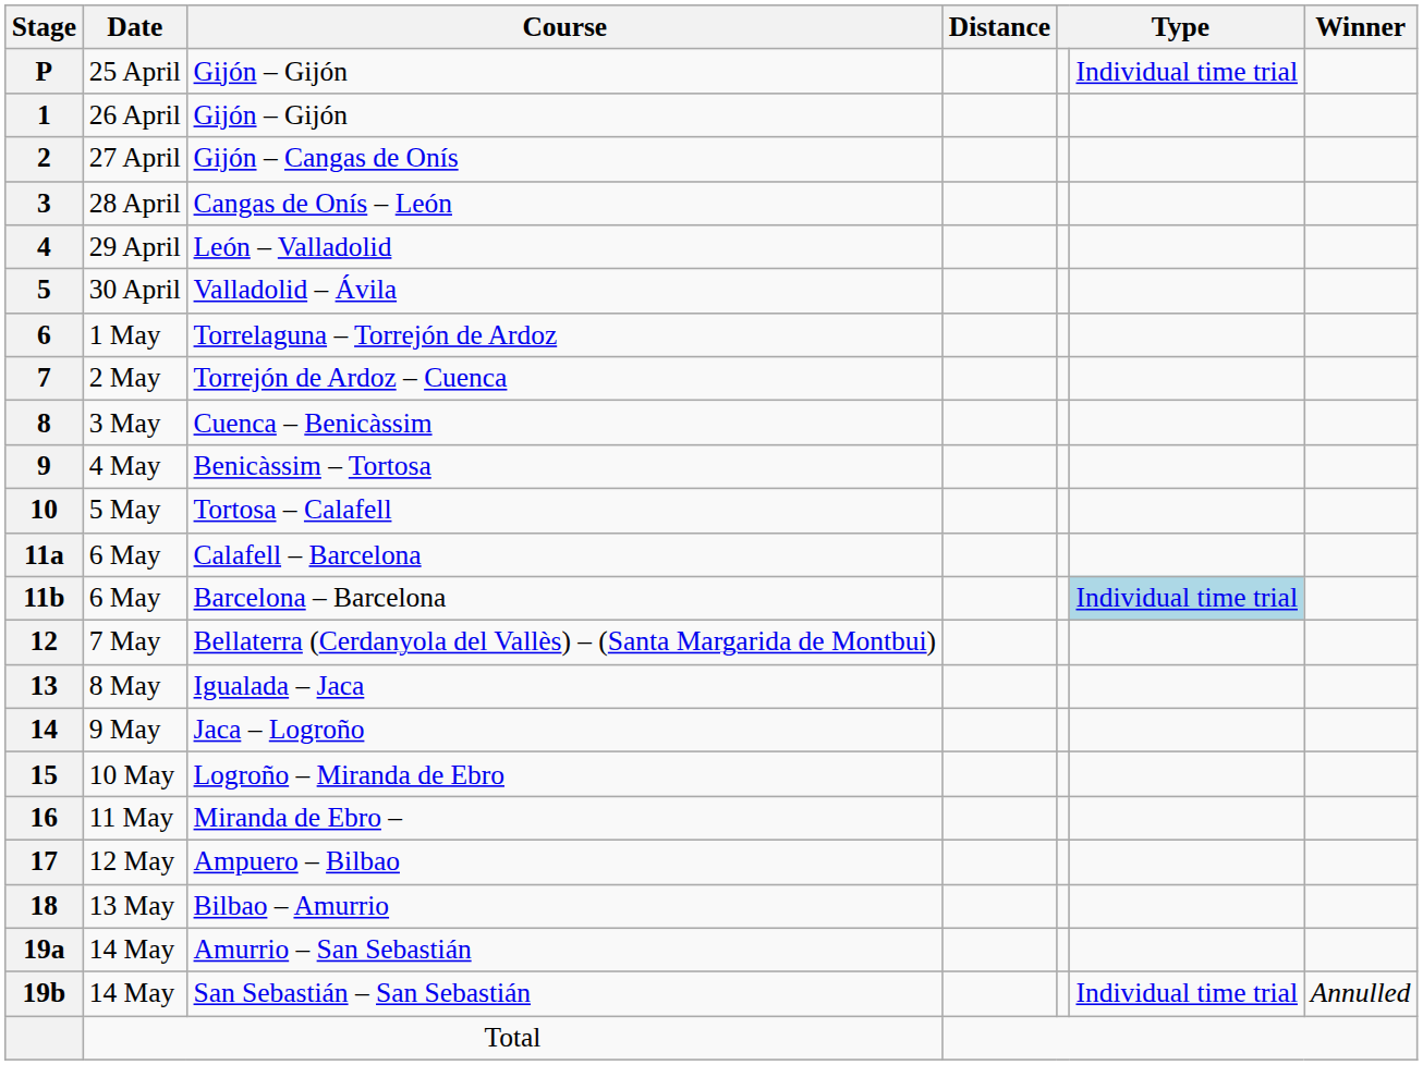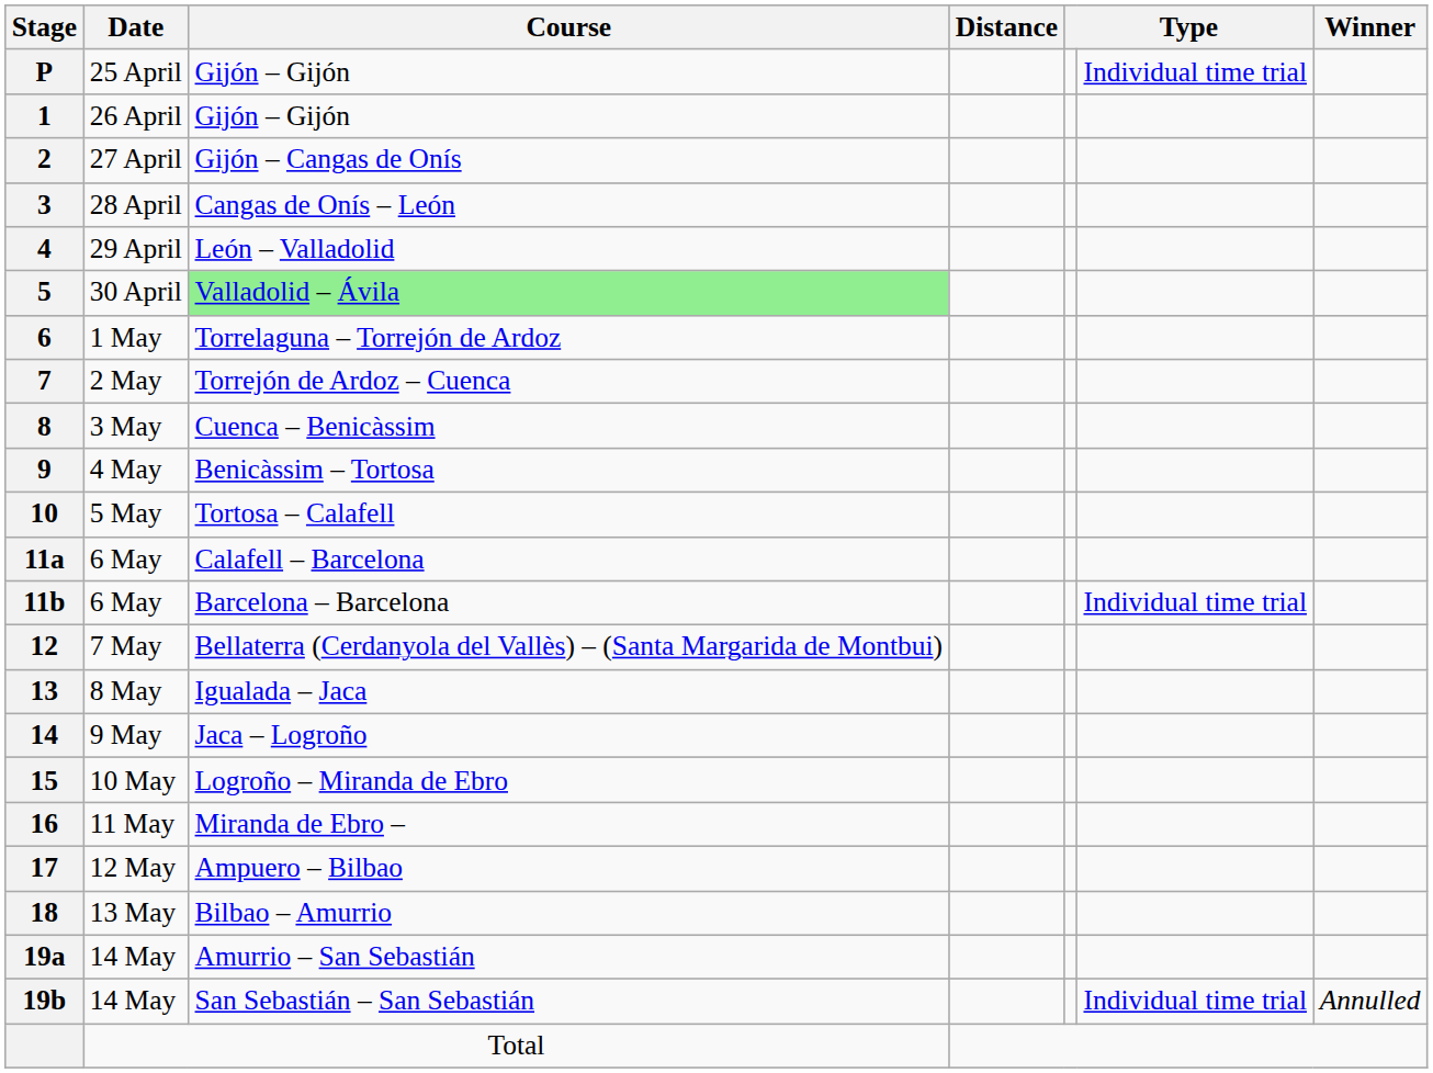 <table class="wikitable">
 <tr>
 <th scope="col">Stage</th>
 <th scope="col">Date</th>
 <th scope="col">Course</th>
 <th scope="col">Distance</th>
 <th scope="col" colspan="2">Type</th>
 <th scope="col">Winner</th>
 </tr>
 <tr>
 <th scope="row">P</th>
 <td>25 April</td>
 <td><a href='#'>Gijón</a> – Gijón</td>
 <td style="text-align:center;"></td>
 <td></td>
 <td><a href='#'>Individual time trial</a></td>
 <td></td>
 </tr>
 <tr>
 <th scope="row">1</th>
 <td>26 April</td>
 <td><a href='#'>Gijón</a> – Gijón</td>
 <td style="text-align:center;"></td>
 <td></td>
 <td></td>
 <td></td>
 </tr>
 <tr>
 <th scope="row">2</th>
 <td>27 April</td>
 <td><a href='#'>Gijón</a> – <a href='#'>Cangas de Onís</a></td>
 <td style="text-align:center;"></td>
 <td></td>
 <td></td>
 <td></td>
 </tr>
 <tr>
 <th scope="row">3</th>
 <td>28 April</td>
 <td><a href='#'>Cangas de Onís</a> – <a href='#'>León</a></td>
 <td style="text-align:center;"></td>
 <td></td>
 <td></td>
 <td></td>
 </tr>
 <tr>
 <th scope="row">4</th>
 <td>29 April</td>
 <td><a href='#'>León</a> – <a href='#'>Valladolid</a></td>
 <td style="text-align:center;"></td>
 <td></td>
 <td></td>
 <td></td>
 </tr>
 <tr>
 <th scope="row">5</th>
 <td>30 April</td>
-<td><a href='#'>Valladolid</a> – <a href='#'>Ávila</a></td>
+<td style="background: lightgreen;"><a href='#'>Valladolid</a> – <a href='#'>Ávila</a></td>
 <td style="text-align:center;"></td>
 <td></td>
 <td></td>
 <td></td>
 </tr>
 <tr>
 <th scope="row">6</th>
 <td>1 May</td>
 <td><a href='#'>Torrelaguna</a> – <a href='#'>Torrejón de Ardoz</a></td>
 <td style="text-align:center;"></td>
 <td></td>
 <td></td>
 <td></td>
 </tr>
 <tr>
 <th scope="row">7</th>
 <td>2 May</td>
 <td><a href='#'>Torrejón de Ardoz</a> – <a href='#'>Cuenca</a></td>
 <td style="text-align:center;"></td>
 <td></td>
 <td></td>
 <td></td>
 </tr>
 <tr>
 <th scope="row">8</th>
 <td>3 May</td>
 <td><a href='#'>Cuenca</a> – <a href='#'>Benicàssim</a></td>
 <td style="text-align:center;"></td>
 <td></td>
 <td></td>
 <td></td>
 </tr>
 <tr>
 <th scope="row">9</th>
 <td>4 May</td>
 <td><a href='#'>Benicàssim</a> – <a href='#'>Tortosa</a></td>
 <td style="text-align:center;"></td>
 <td></td>
 <td></td>
 <td></td>
 </tr>
 <tr>
 <th scope="row">10</th>
 <td>5 May</td>
 <td><a href='#'>Tortosa</a> – <a href='#'>Calafell</a></td>
 <td style="text-align:center;"></td>
 <td></td>
 <td></td>
 <td></td>
 </tr>
 <tr>
 <th scope="row">11a</th>
 <td>6 May</td>
 <td><a href='#'>Calafell</a> – <a href='#'>Barcelona</a></td>
 <td style="text-align:center;"></td>
 <td></td>
 <td></td>
 <td></td>
 </tr>
 <tr>
 <th scope="row">11b</th>
 <td>6 May</td>
 <td><a href='#'>Barcelona</a> – Barcelona</td>
 <td style="text-align:center;"></td>
 <td></td>
-<td style="background: lightblue;"><a href='#'>Individual time trial</a></td>
+<td><a href='#'>Individual time trial</a></td>
 <td></td>
 </tr>
 <tr>
 <th scope="row">12</th>
 <td>7 May</td>
 <td><a href='#'>Bellaterra</a> (<a href='#'>Cerdanyola del Vallès</a>) –  (<a href='#'>Santa Margarida de Montbui</a>)</td>
 <td style="text-align:center;"></td>
 <td></td>
 <td></td>
 <td></td>
 </tr>
 <tr>
 <th scope="row">13</th>
 <td>8 May</td>
 <td><a href='#'>Igualada</a> – <a href='#'>Jaca</a></td>
 <td style="text-align:center;"></td>
 <td></td>
 <td></td>
 <td></td>
 </tr>
 <tr>
 <th scope="row">14</th>
 <td>9 May</td>
 <td><a href='#'>Jaca</a> – <a href='#'>Logroño</a></td>
 <td style="text-align:center;"></td>
 <td></td>
 <td></td>
 <td></td>
 </tr>
 <tr>
 <th scope="row">15</th>
 <td>10 May</td>
 <td><a href='#'>Logroño</a> – <a href='#'>Miranda de Ebro</a></td>
 <td style="text-align:center;"></td>
 <td></td>
 <td></td>
 <td></td>
 </tr>
 <tr>
 <th scope="row">16</th>
 <td>11 May</td>
 <td><a href='#'>Miranda de Ebro</a> – </td>
 <td style="text-align:center;"></td>
 <td></td>
 <td></td>
 <td></td>
 </tr>
 <tr>
 <th scope="row">17</th>
 <td>12 May</td>
 <td><a href='#'>Ampuero</a> – <a href='#'>Bilbao</a></td>
 <td style="text-align:center;"></td>
 <td></td>
 <td></td>
 <td></td>
 </tr>
 <tr>
 <th scope="row">18</th>
 <td>13 May</td>
 <td><a href='#'>Bilbao</a> – <a href='#'>Amurrio</a></td>
 <td style="text-align:center;"></td>
 <td></td>
 <td></td>
 <td></td>
 </tr>
 <tr>
 <th scope="row">19a</th>
 <td>14 May</td>
 <td><a href='#'>Amurrio</a> – <a href='#'>San Sebastián</a></td>
 <td style="text-align:center;"></td>
 <td></td>
 <td></td>
 <td></td>
 </tr>
 <tr>
 <th scope="row">19b</th>
 <td>14 May</td>
 <td><a href='#'>San Sebastián</a> – <a href='#'>San Sebastián</a></td>
 <td style="text-align:center;"></td>
 <td></td>
 <td><a href='#'>Individual time trial</a></td>
 <td><em>Annulled</em></td>
 </tr>
 <tr>
 <th scope="row"></th>
 <td colspan="2" style="text-align:center">Total</td>
 <td colspan="4" style="text-align:center"></td>
 </tr>
 </table>
